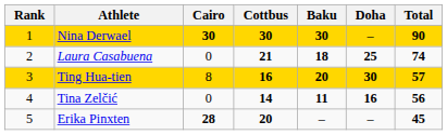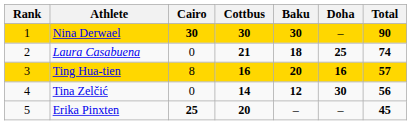 <table style="width:60%;" class="wikitable">
 <tr>
 <th style="text-align:center; width:6%;">Rank</th>
 <th style="text-align:center; width:20%;">Athlete</th>
 <th style="text-align:center; width:6%;"> Cairo</th>
 <th style="text-align:center; width:6%;"> Cottbus</th>
 <th style="text-align:center; width:6%;"> Baku</th>
 <th style="text-align:center; width:6%;"> Doha</th>
 <th style="text-align:center; width:6%;">Total</th>
 </tr>
 <tr scope=row style="text-align:center" bgcolor=gold>
 <td>1</td>
 <td align=left> <a href='#'>Nina Derwael</a></td>
 <td><strong>30</strong></td>
 <td><strong>30</strong></td>
 <td><strong>30</strong></td>
 <td>–</td>
 <td><strong>90</strong></td>
 </tr>
 <tr scope=row style="text-align:center">
 <td>2</td>
 <td align=left> <em><a href='#'>Laura Casabuena</a></em> </td>
 <td>0</td>
 <td><strong>21</strong></td>
 <td><strong>18</strong></td>
 <td><strong>25</strong></td>
 <td><strong>74</strong></td>
 </tr>
 <tr scope=row style="text-align:center" bgcolor=gold>
 <td>3</td>
 <td align=left> <a href='#'>Ting Hua-tien</a></td>
 <td>8</td>
 <td><strong>16</strong></td>
 <td><strong>20</strong></td>
-<td><strong>30</strong></td>
+<td><strong>16</strong></td>
 <td><strong>57</strong></td>
 </tr>
 <tr scope=row style="text-align:center">
 <td>4</td>
 <td align=left> <a href='#'>Tina Zelčić</a></td>
 <td>0</td>
 <td><strong>14</strong></td>
-<td><strong>11</strong></td>
-<td><strong>16</strong></td>
+<td><strong>12</strong></td>
+<td><strong>30</strong></td>
 <td><strong>56</strong></td>
 </tr>
 <tr scope=row style="text-align:center">
 <td>5</td>
 <td align=left> <a href='#'>Erika Pinxten</a></td>
-<td><strong>28</strong></td>
+<td><strong>25</strong></td>
 <td><strong>20</strong></td>
 <td>–</td>
 <td>–</td>
 <td><strong>45</strong></td>
 </tr>
 </table>
